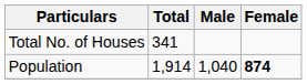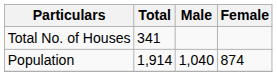 <table class="wikitable sortable">
 <tr>
 <th>Particulars</th>
 <th>Total</th>
 <th>Male</th>
 <th>Female</th>
 </tr>
 <tr>
 <td>Total No. of Houses</td>
 <td>341</td>
 <td></td>
 <td></td>
 </tr>
 <tr>
 <td>Population</td>
 <td>1,914</td>
 <td>1,040</td>
-<td><strong>874</strong></td>
+<td>874</td>
 </tr>
 <tr>
 </tr>
 </table>
